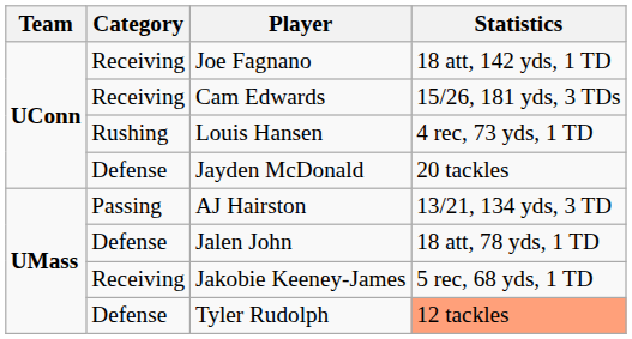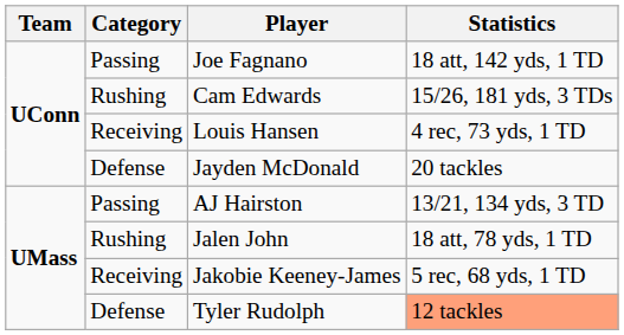 <table class="wikitable" style="float: right;">
 <tr>
 <th>Team</th>
 <th>Category</th>
 <th>Player</th>
 <th>Statistics</th>
 </tr>
 <tr>
 <td rowspan=4><strong>UConn</strong></td>
-<td>Receiving</td>
+<td>Passing</td>
 <td>Joe Fagnano</td>
 <td>18 att, 142 yds, 1 TD</td>
 </tr>
 <tr>
-<td>Receiving</td>
+<td>Rushing</td>
 <td>Cam Edwards</td>
 <td>15/26, 181 yds, 3 TDs</td>
 </tr>
 <tr>
-<td>Rushing</td>
+<td>Receiving</td>
 <td>Louis Hansen</td>
 <td>4 rec, 73 yds, 1 TD</td>
 </tr>
 <tr>
 <td>Defense</td>
 <td>Jayden McDonald</td>
 <td>20 tackles</td>
 </tr>
 <tr>
 <td rowspan=4><strong>UMass</strong></td>
 <td>Passing</td>
 <td>AJ Hairston</td>
 <td>13/21, 134 yds, 3 TD</td>
 </tr>
 <tr>
-<td>Defense</td>
+<td>Rushing</td>
 <td>Jalen John</td>
 <td>18 att, 78 yds, 1 TD</td>
 </tr>
 <tr>
 <td>Receiving</td>
 <td>Jakobie Keeney-James</td>
 <td>5 rec, 68 yds, 1 TD</td>
 </tr>
 <tr>
 <td>Defense</td>
 <td>Tyler Rudolph</td>
 <td style="background: lightsalmon;">12 tackles</td>
 </tr>
 </table>
